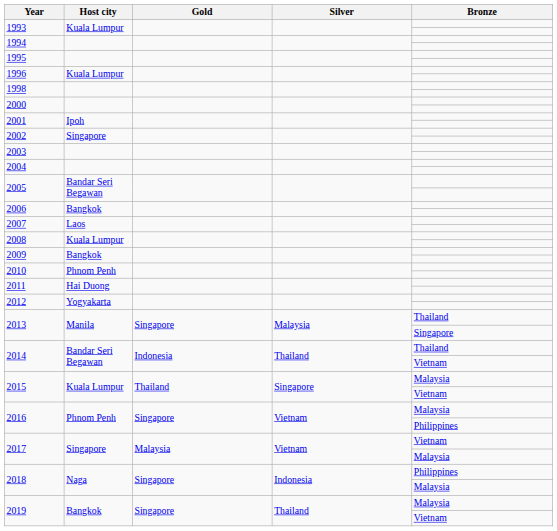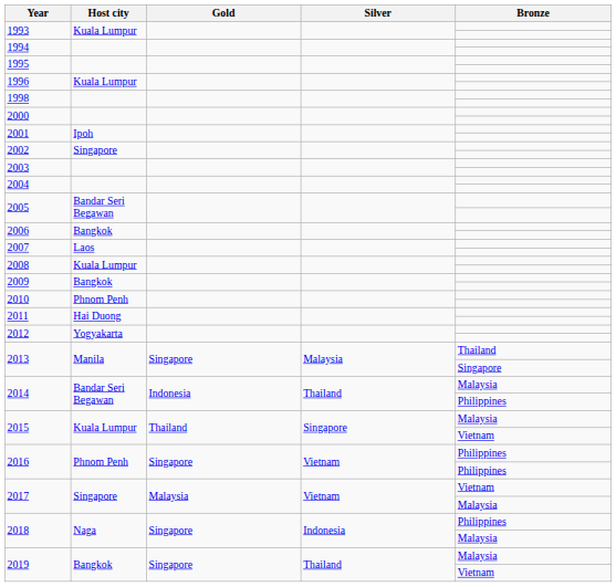 <table class="wikitable sortable" style="width:900px;">
 <tr>
 <th width="120">Year</th>
 <th width="120">Host city</th>
 <th width="300">Gold</th>
 <th width="300">Silver</th>
 <th width="300">Bronze</th>
 </tr>
 <tr>
 <td rowspan=2><a href='#'>1993</a></td>
 <td rowspan=2><a href='#'>Kuala Lumpur</a></td>
 <td rowspan=2></td>
 <td rowspan=2></td>
 <td></td>
 </tr>
 <tr>
 <td></td>
 </tr>
 <tr>
 <td rowspan=2><a href='#'>1994</a></td>
 <td rowspan=2></td>
 <td rowspan=2></td>
 <td rowspan=2></td>
 <td></td>
 </tr>
 <tr>
 <td></td>
 </tr>
 <tr>
 <td rowspan=2><a href='#'>1995</a></td>
 <td rowspan=2></td>
 <td rowspan=2></td>
 <td rowspan=2></td>
 <td></td>
 </tr>
 <tr>
 <td></td>
 </tr>
 <tr>
 <td rowspan=2><a href='#'>1996</a></td>
 <td rowspan=2><a href='#'>Kuala Lumpur</a></td>
 <td rowspan=2></td>
 <td rowspan=2></td>
 <td></td>
 </tr>
 <tr>
 <td></td>
 </tr>
 <tr>
 <td rowspan=2><a href='#'>1998</a></td>
 <td rowspan=2></td>
 <td rowspan=2></td>
 <td rowspan=2></td>
 <td></td>
 </tr>
 <tr>
 <td></td>
 </tr>
 <tr>
 <td rowspan=2><a href='#'>2000</a></td>
 <td rowspan=2></td>
 <td rowspan=2></td>
 <td rowspan=2></td>
 <td></td>
 </tr>
 <tr>
 <td></td>
 </tr>
 <tr>
 <td rowspan=2><a href='#'>2001</a></td>
 <td rowspan=2><a href='#'>Ipoh</a></td>
 <td rowspan=2></td>
 <td rowspan=2></td>
 <td></td>
 </tr>
 <tr>
 <td></td>
 </tr>
 <tr>
 <td rowspan=2><a href='#'>2002</a></td>
 <td rowspan=2><a href='#'>Singapore</a></td>
 <td rowspan=2></td>
 <td rowspan=2></td>
 <td></td>
 </tr>
 <tr>
 <td></td>
 </tr>
 <tr>
 <td rowspan=2><a href='#'>2003</a></td>
 <td rowspan=2></td>
 <td rowspan=2></td>
 <td rowspan=2></td>
 <td></td>
 </tr>
 <tr>
 <td></td>
 </tr>
 <tr>
 <td rowspan=2><a href='#'>2004</a></td>
 <td rowspan=2></td>
 <td rowspan=2></td>
 <td rowspan=2></td>
 <td></td>
 </tr>
 <tr>
 <td></td>
 </tr>
 <tr>
 <td rowspan=2><a href='#'>2005</a></td>
 <td rowspan=2><a href='#'>Bandar Seri Begawan</a></td>
 <td rowspan=2></td>
 <td rowspan=2></td>
 <td></td>
 </tr>
 <tr>
 <td></td>
 </tr>
 <tr>
 <td rowspan=2><a href='#'>2006</a></td>
 <td rowspan=2><a href='#'>Bangkok</a></td>
 <td rowspan=2></td>
 <td rowspan=2></td>
 <td></td>
 </tr>
 <tr>
 <td></td>
 </tr>
 <tr>
 <td rowspan=2><a href='#'>2007</a></td>
 <td rowspan=2><a href='#'>Laos</a></td>
 <td rowspan=2></td>
 <td rowspan=2></td>
 <td></td>
 </tr>
 <tr>
 <td></td>
 </tr>
 <tr>
 <td rowspan=2><a href='#'>2008</a></td>
 <td rowspan=2><a href='#'>Kuala Lumpur</a></td>
 <td rowspan=2></td>
 <td rowspan=2></td>
 <td></td>
 </tr>
 <tr>
 <td></td>
 </tr>
 <tr>
 <td rowspan=2><a href='#'>2009</a></td>
 <td rowspan=2><a href='#'>Bangkok</a></td>
 <td rowspan=2></td>
 <td rowspan=2></td>
 <td></td>
 </tr>
 <tr>
 <td></td>
 </tr>
 <tr>
 <td rowspan=2><a href='#'>2010</a></td>
 <td rowspan=2><a href='#'>Phnom Penh</a></td>
 <td rowspan=2></td>
 <td rowspan=2></td>
 <td></td>
 </tr>
 <tr>
 <td></td>
 </tr>
 <tr>
 <td rowspan=2><a href='#'>2011</a></td>
 <td rowspan=2><a href='#'>Hai Duong</a></td>
 <td rowspan=2></td>
 <td rowspan=2></td>
 <td></td>
 </tr>
 <tr>
 <td></td>
 </tr>
 <tr>
 <td rowspan=2><a href='#'>2012</a></td>
 <td rowspan=2><a href='#'>Yogyakarta</a></td>
 <td rowspan=2></td>
 <td rowspan=2></td>
 <td></td>
 </tr>
 <tr>
 <td></td>
 </tr>
 <tr>
 <td rowspan=2><a href='#'>2013</a></td>
 <td rowspan=2><a href='#'>Manila</a></td>
 <td rowspan=2> <a href='#'>Singapore</a></td>
 <td rowspan=2> <a href='#'>Malaysia</a></td>
 <td> <a href='#'>Thailand</a></td>
 </tr>
 <tr>
 <td> <a href='#'>Singapore</a></td>
 </tr>
 <tr>
 <td rowspan=2><a href='#'>2014</a></td>
 <td rowspan=2><a href='#'>Bandar Seri Begawan</a></td>
 <td rowspan=2> <a href='#'>Indonesia</a></td>
 <td rowspan=2> <a href='#'>Thailand</a></td>
-<td> <a href='#'>Thailand</a></td>
+<td> <a href='#'>Malaysia</a></td>
 </tr>
 <tr>
-<td> <a href='#'>Vietnam</a></td>
+<td> <a href='#'>Philippines</a></td>
 </tr>
 <tr>
 <td rowspan=2><a href='#'>2015</a></td>
 <td rowspan=2><a href='#'>Kuala Lumpur</a></td>
 <td rowspan=2> <a href='#'>Thailand</a></td>
 <td rowspan=2> <a href='#'>Singapore</a></td>
 <td> <a href='#'>Malaysia</a></td>
 </tr>
 <tr>
 <td> <a href='#'>Vietnam</a></td>
 </tr>
 <tr>
 <td rowspan=2><a href='#'>2016</a></td>
 <td rowspan=2><a href='#'>Phnom Penh</a></td>
 <td rowspan=2> <a href='#'>Singapore</a></td>
 <td rowspan=2> <a href='#'>Vietnam</a></td>
-<td> <a href='#'>Malaysia</a></td>
+<td> <a href='#'>Philippines</a></td>
 </tr>
 <tr>
 <td> <a href='#'>Philippines</a></td>
 </tr>
 <tr>
 <td rowspan=2><a href='#'>2017</a></td>
 <td rowspan=2><a href='#'>Singapore</a></td>
 <td rowspan=2> <a href='#'>Malaysia</a></td>
 <td rowspan=2> <a href='#'>Vietnam</a></td>
 <td> <a href='#'>Vietnam</a></td>
 </tr>
 <tr>
 <td> <a href='#'>Malaysia</a></td>
 </tr>
 <tr>
 <td rowspan=2><a href='#'>2018</a></td>
 <td rowspan=2><a href='#'>Naga</a></td>
 <td rowspan=2> <a href='#'>Singapore</a></td>
 <td rowspan=2> <a href='#'>Indonesia</a></td>
 <td> <a href='#'>Philippines</a></td>
 </tr>
 <tr>
 <td> <a href='#'>Malaysia</a></td>
 </tr>
 <tr>
 <td rowspan=2><a href='#'>2019</a></td>
 <td rowspan=2><a href='#'>Bangkok</a></td>
 <td rowspan=2> <a href='#'>Singapore</a></td>
 <td rowspan=2> <a href='#'>Thailand</a></td>
 <td> <a href='#'>Malaysia</a></td>
 </tr>
 <tr>
 <td> <a href='#'>Vietnam</a></td>
 </tr>
 </table>
